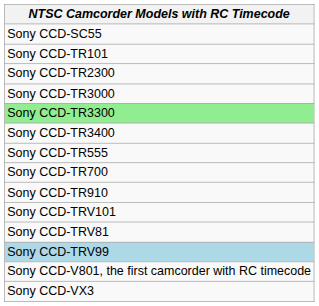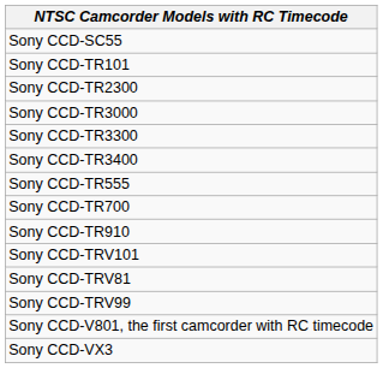 <table class="wikitable">
 <tr>
 <th><em>NTSC Camcorder Models with RC Timecode</em></th>
 </tr>
 <tr>
 <td>Sony CCD-SC55</td>
 </tr>
 <tr>
 <td>Sony CCD-TR101</td>
 </tr>
 <tr>
 <td>Sony CCD-TR2300</td>
 </tr>
 <tr>
 <td>Sony CCD-TR3000</td>
 </tr>
 <tr>
-<td style="background: lightgreen;">Sony CCD-TR3300</td>
+<td>Sony CCD-TR3300</td>
 </tr>
 <tr>
 <td>Sony CCD-TR3400</td>
 </tr>
 <tr>
 <td>Sony CCD-TR555</td>
 </tr>
 <tr>
 <td>Sony CCD-TR700</td>
 </tr>
 <tr>
 <td>Sony CCD-TR910</td>
 </tr>
 <tr>
 <td>Sony CCD-TRV101</td>
 </tr>
 <tr>
 <td>Sony CCD-TRV81</td>
 </tr>
 <tr>
-<td style="background: lightblue;">Sony CCD-TRV99</td>
+<td>Sony CCD-TRV99</td>
 </tr>
 <tr>
 <td>Sony CCD-V801, the first camcorder with RC timecode</td>
 </tr>
 <tr>
 <td>Sony CCD-VX3</td>
 </tr>
 </table>
